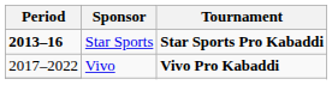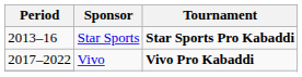 <table class="wikitable" style="text-align:left">
 <tr>
 <th>Period</th>
 <th>Sponsor</th>
 <th>Tournament</th>
 </tr>
 <tr>
-<td><strong>2013–16</strong></td>
+<td>2013–16</td>
 <td> <a href='#'>Star Sports</a></td>
 <td><strong>Star Sports Pro Kabaddi</strong></td>
 </tr>
 <tr>
 <td>2017–2022</td>
 <td rowspan="2"> <a href='#'>Vivo</a></td>
 <td rowspan="2"><strong>Vivo Pro Kabaddi</strong></td>
 </tr>
 <tr>
 </tr>
 </table>
